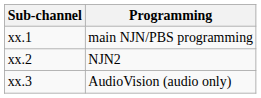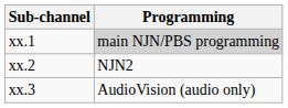 <table class="wikitable">
 <tr>
 <th>Sub-channel</th>
 <th>Programming</th>
 </tr>
 <tr>
 <td>xx.1</td>
-<td>main NJN/PBS programming</td>
+<td style="background: lightgrey;">main NJN/PBS programming</td>
 </tr>
 <tr>
 <td>xx.2</td>
 <td>NJN2</td>
 </tr>
 <tr>
 <td>xx.3</td>
 <td>AudioVision (audio only)</td>
 </tr>
 </table>
